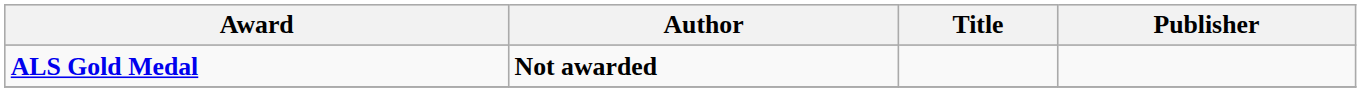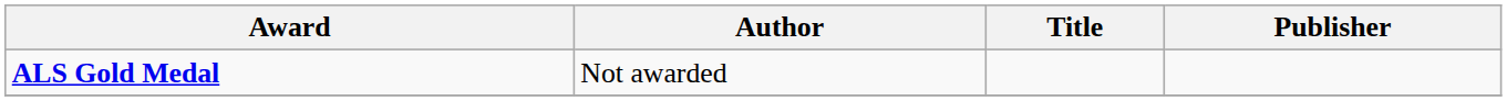 <table class="wikitable" width=95%>
 <tr>
 <th>Award</th>
 <th>Author</th>
 <th>Title</th>
 <th>Publisher</th>
 </tr>
 <tr>
 <td><strong><a href='#'>ALS Gold Medal</a></strong></td>
-<td><strong>Not awarded</strong></td>
+<td>Not awarded</td>
 <td></td>
 <td></td>
 </tr>
 <tr>
 </tr>
 </table>
